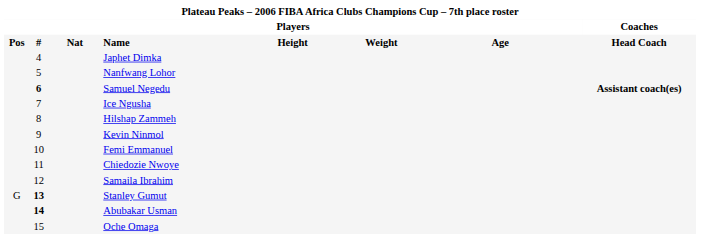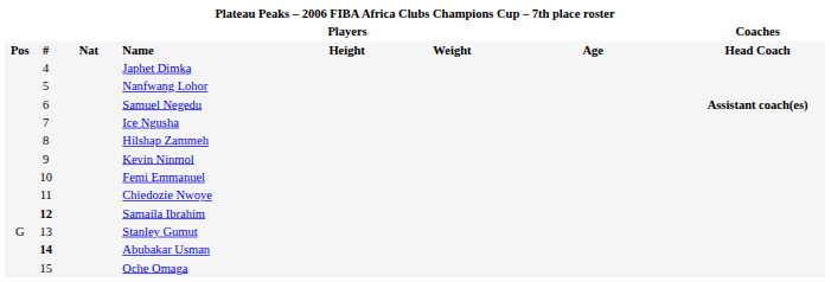 <table border=0 cellpadding=2 cellspacing=0  |- bgcolor=#f5f5f5 style="text-align:center; font-size:90%;" width=75%>
 <tr>
 <td colspan="8" style="background: white; color: black"><strong>Plateau Peaks – 2006 FIBA Africa Clubs Champions Cup – 7th place roster</strong></td>
 </tr>
 <tr>
 <td colspan="7" style="background: white; color: black"><strong>Players</strong></td>
 <td style="background: white; color: black"><strong>Coaches</strong></td>
 </tr>
 <tr style="background=#f5f5f5; color: black">
 <th width=5px>Pos</th>
 <th width=5px>#</th>
 <th width=50px>Nat</th>
 <th width=135px align=left>Name</th>
 <th width=100px>Height</th>
 <th width=70px>Weight</th>
 <th width=160px>Age</th>
 <th width=110px>Head Coach</th>
 </tr>
 <tr>
 <td></td>
 <td>4</td>
 <td></td>
 <td align=left><a href='#'>Japhet Dimka</a></td>
 <td></td>
 <td></td>
 <td><span></span></td>
 <td></td>
 </tr>
 <tr>
 <td></td>
 <td>5</td>
 <td></td>
 <td align=left><a href='#'>Nanfwang Lohor</a></td>
 <td></td>
 <td></td>
 <td><span></span></td>
 </tr>
 <tr>
 <td></td>
-<td><strong>6</strong></td>
+<td>6</td>
 <td></td>
 <td align=left><a href='#'>Samuel Negedu</a></td>
 <td></td>
 <td></td>
 <td><span></span></td>
 <td><strong>Assistant coach(es)</strong></td>
 </tr>
 <tr>
 <td></td>
 <td>7</td>
 <td></td>
 <td align=left><a href='#'>Ice Ngusha</a></td>
 <td></td>
 <td></td>
 <td><span></span></td>
 </tr>
 <tr>
 <td></td>
 <td>8</td>
 <td></td>
 <td align=left><a href='#'>Hilshap Zammeh</a></td>
 <td></td>
 <td></td>
 <td><span></span></td>
 </tr>
 <tr>
 <td></td>
 <td>9</td>
 <td></td>
 <td align=left><a href='#'>Kevin Ninmol</a></td>
 <td></td>
 <td></td>
 <td><span></span></td>
 </tr>
 <tr>
 <td></td>
 <td>10</td>
 <td></td>
 <td align=left><a href='#'>Femi Emmanuel</a></td>
 <td></td>
 <td></td>
 <td><span></span></td>
 </tr>
 <tr>
 <td></td>
 <td>11</td>
 <td></td>
 <td align=left><a href='#'>Chiedozie Nwoye</a></td>
 <td></td>
 <td></td>
 <td><span></span></td>
 </tr>
 <tr>
 <td></td>
-<td>12</td>
+<td><strong>12</strong></td>
 <td></td>
 <td align=left><a href='#'>Samaila Ibrahim</a></td>
 <td></td>
 <td></td>
 <td><span></span></td>
 <td></td>
 </tr>
 <tr>
 <td>G</td>
-<td><strong>13</strong></td>
+<td>13</td>
 <td></td>
 <td align=left><a href='#'>Stanley Gumut</a></td>
 <td><span></span></td>
 <td></td>
 <td><span></span></td>
 <td></td>
 </tr>
 <tr>
 <td></td>
 <td><strong>14</strong></td>
 <td></td>
 <td align=left><a href='#'>Abubakar Usman</a></td>
 <td><span></span></td>
 <td></td>
 <td><span></span></td>
 <td></td>
 </tr>
 <tr>
 <td></td>
 <td>15</td>
 <td></td>
 <td align=left><a href='#'>Oche Omaga</a></td>
 <td></td>
 <td></td>
 <td><span></span></td>
 </tr>
 </table>
